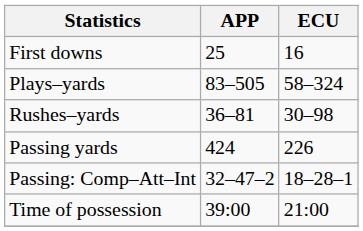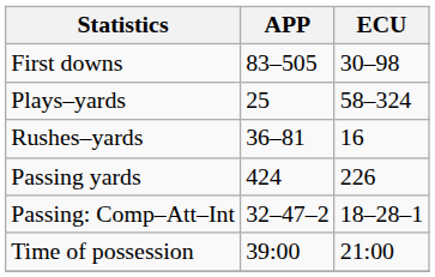 <table class="wikitable" style="float: left;">
 <tr>
 <th>Statistics</th>
 <th>APP</th>
 <th>ECU</th>
 </tr>
 <tr>
 <td>First downs</td>
-<td>25</td>
-<td>16</td>
+<td>83–505</td>
+<td>30–98</td>
 </tr>
 <tr>
 <td>Plays–yards</td>
-<td>83–505</td>
+<td>25</td>
 <td>58–324</td>
 </tr>
 <tr>
 <td>Rushes–yards</td>
 <td>36–81</td>
-<td>30–98</td>
+<td>16</td>
 </tr>
 <tr>
 <td>Passing yards</td>
 <td>424</td>
 <td>226</td>
 </tr>
 <tr>
 <td>Passing: Comp–Att–Int</td>
 <td>32–47–2</td>
 <td>18–28–1</td>
 </tr>
 <tr>
 <td>Time of possession</td>
 <td>39:00</td>
 <td>21:00</td>
 </tr>
 <tr>
 </tr>
 </table>
